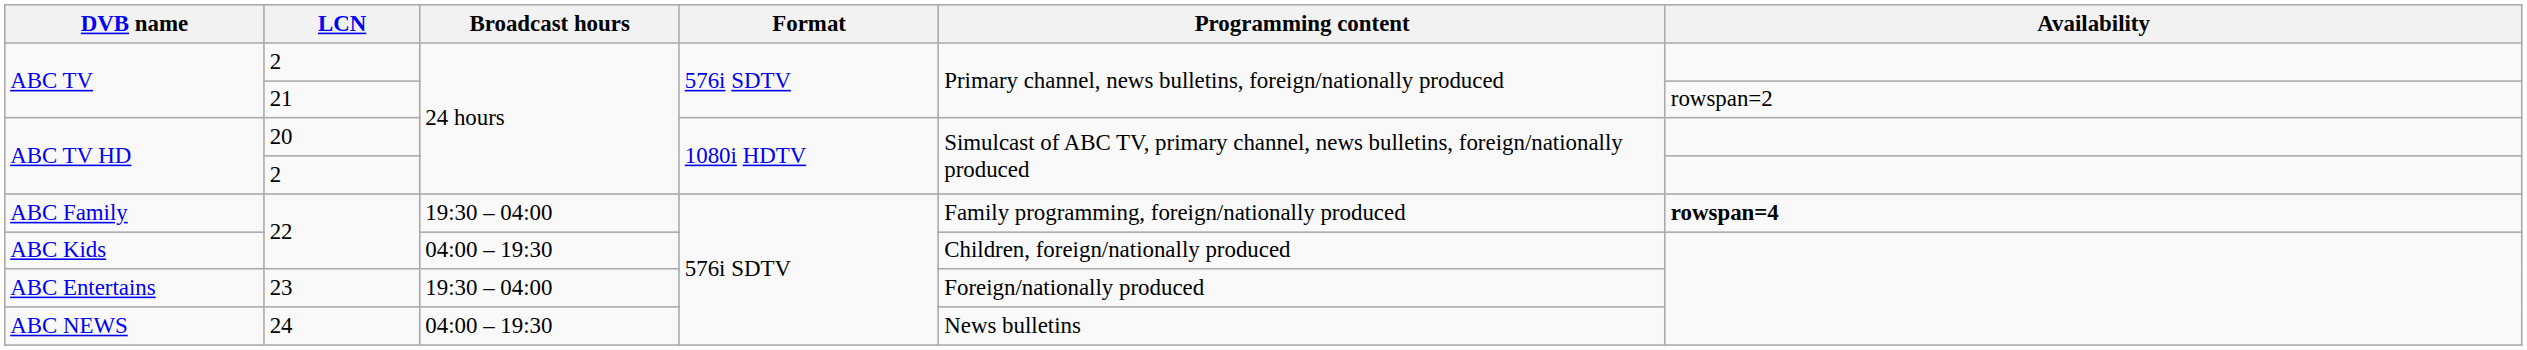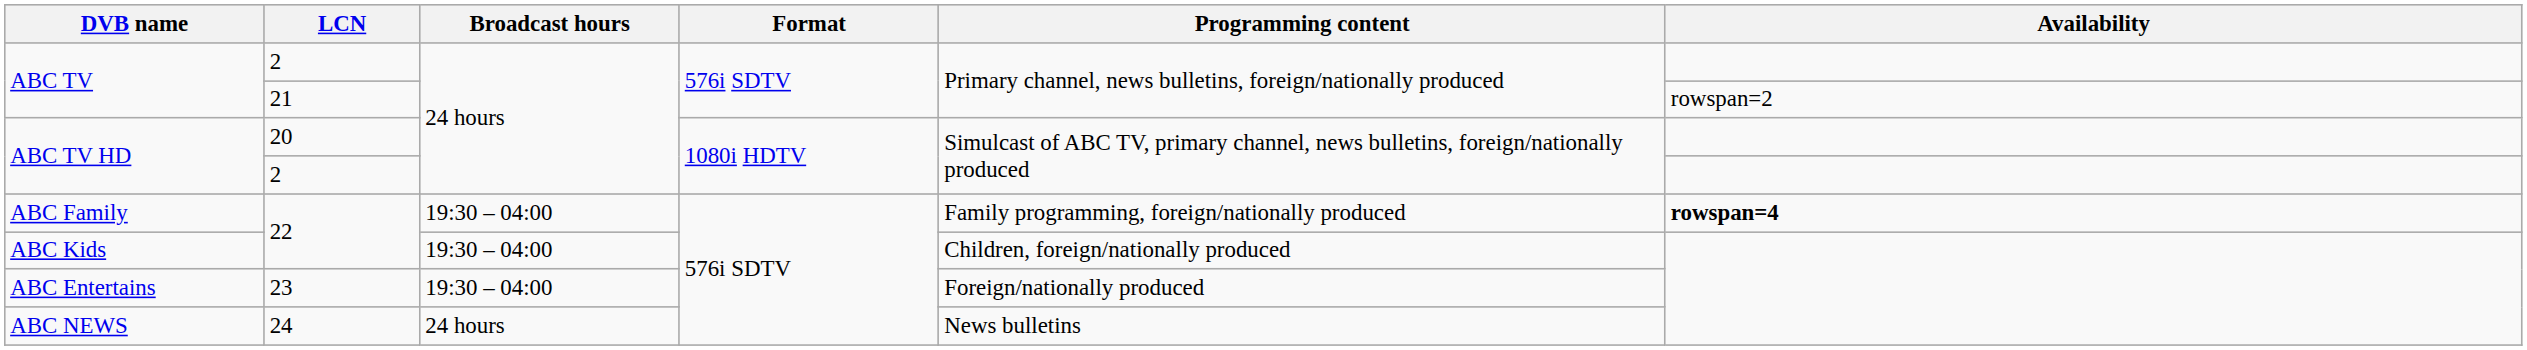 <table class="wikitable" style="font-size:90%; width:100%;">
 <tr>
 <th width="10%"><a href='#'>DVB</a> name</th>
 <th width="6%"><a href='#'>LCN</a></th>
 <th width="10%">Broadcast hours</th>
 <th width="10%">Format</th>
 <th width="28%">Programming content</th>
 <th width="33%">Availability</th>
 </tr>
 <tr>
 <td rowspan=2><a href='#'>ABC TV</a></td>
 <td>2</td>
 <td rowspan=4>24 hours</td>
 <td rowspan=2><a href='#'>576i</a> <a href='#'>SDTV</a></td>
 <td rowspan=2>Primary channel, news bulletins, foreign/nationally produced </td>
 <td></td>
 </tr>
 <tr>
 <td>21</td>
 <td>rowspan=2 </td>
 </tr>
 <tr>
 <td rowspan=2><a href='#'>ABC TV HD</a></td>
 <td>20</td>
 <td rowspan=2><a href='#'>1080i</a> <a href='#'>HDTV</a><br></td>
 <td rowspan=2>Simulcast of ABC TV, primary channel, news bulletins, foreign/nationally produced </td>
 </tr>
 <tr>
 <td>2</td>
 <td></td>
 </tr>
 <tr>
 <td><a href='#'>ABC Family</a></td>
 <td rowspan=2>22</td>
 <td>19:30 – 04:00</td>
 <td rowspan=4>576i SDTV</td>
 <td>Family programming, foreign/nationally produced </td>
 <td><strong>rowspan=4 </strong></td>
 </tr>
 <tr>
 <td><a href='#'>ABC Kids</a></td>
-<td>04:00 – 19:30</td>
+<td>19:30 – 04:00</td>
 <td>Children, foreign/nationally produced </td>
 </tr>
 <tr>
 <td><a href='#'>ABC Entertains</a></td>
 <td>23</td>
 <td>19:30 – 04:00</td>
 <td>Foreign/nationally produced </td>
 </tr>
 <tr>
 <td><a href='#'>ABC NEWS</a></td>
 <td>24</td>
-<td>04:00 – 19:30</td>
+<td>24 hours</td>
 <td>News bulletins </td>
 </tr>
 </table>
